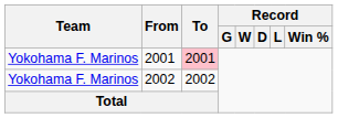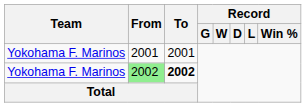 <table class="wikitable" style="text-align: center">
 <tr>
 <th rowspan="2">Team</th>
 <th rowspan="2">From</th>
 <th rowspan="2">To</th>
 <th colspan="5">Record</th>
 </tr>
 <tr>
 <th>G</th>
 <th>W</th>
 <th>D</th>
 <th>L</th>
 <th>Win %</th>
 </tr>
 <tr>
 <td align="left"><a href='#'>Yokohama F. Marinos</a></td>
 <td align="left">2001</td>
-<td align="left" style="background: pink;">2001<br></td>
+<td align="left">2001<br></td>
 </tr>
 <tr>
 <td align="left"><a href='#'>Yokohama F. Marinos</a></td>
-<td align="left">2002</td>
-<td align="left">2002<br></td>
+<td align="left" style="background: lightgreen;">2002</td>
+<td align="left"><strong>2002<br></strong></td>
 </tr>
 <tr>
 <th colspan="3">Total<br></th>
 </tr>
 </table>
